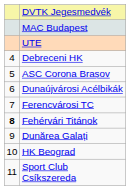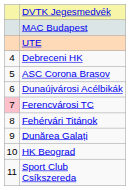 <table class="wikitable" style="width:200px;">
 <tr style="background:#F7F6A8;">
 <td align=center></td>
 <td><a href='#'>DVTK Jegesmedvék</a></td>
 </tr>
 <tr style="background:#DCE5E5;">
 <td align=center></td>
 <td><a href='#'>MAC Budapest</a></td>
 </tr>
 <tr style="background:#FFDAB9;">
 <td align=center></td>
 <td><a href='#'>UTE</a></td>
 </tr>
 <tr>
 <td align=center>4</td>
 <td><a href='#'>Debreceni HK</a></td>
 </tr>
 <tr>
 <td align=center>5</td>
 <td><a href='#'>ASC Corona Brașov</a></td>
 </tr>
 <tr>
 <td align=center>6</td>
 <td><a href='#'>Dunaújvárosi Acélbikák</a></td>
 </tr>
 <tr>
-<td align=center>7</td>
+<td align=center style="background: pink;">7</td>
 <td><a href='#'>Ferencvárosi TC</a></td>
 </tr>
 <tr>
-<td align=center><strong>8</strong></td>
+<td align=center>8</td>
 <td><a href='#'>Fehérvári Titánok</a></td>
 </tr>
 <tr>
 <td align=center>9</td>
 <td><a href='#'>Dunărea Galați</a></td>
 </tr>
 <tr>
 <td align=center>10</td>
 <td><a href='#'>HK Beograd</a></td>
 </tr>
 <tr>
 <td align=center>11</td>
 <td><a href='#'>Sport Club Csíkszereda</a></td>
 </tr>
 </table>
